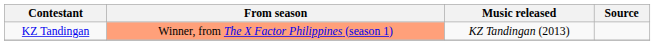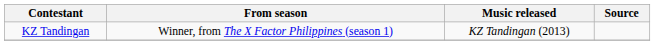 <table class="wikitable" style="text-align:center; line-height:17px; width:70%;">
 <tr>
 <th>Contestant</th>
 <th>From season</th>
 <th>Music released</th>
 <th>Source</th>
 </tr>
 <tr>
 <td><a href='#'>KZ Tandingan</a></td>
-<td style="background: lightsalmon;">Winner, from <a href='#'><em>The X Factor Philippines</em> (season 1)</a></td>
+<td>Winner, from <a href='#'><em>The X Factor Philippines</em> (season 1)</a></td>
 <td><em>KZ Tandingan</em> (2013)</td>
 <td></td>
 </tr>
 <tr>
 </tr>
 </table>
